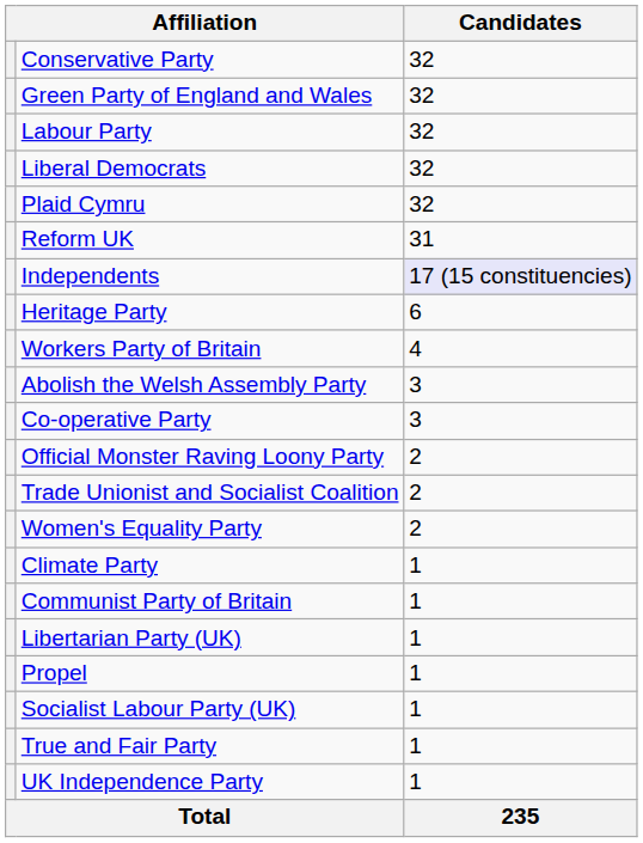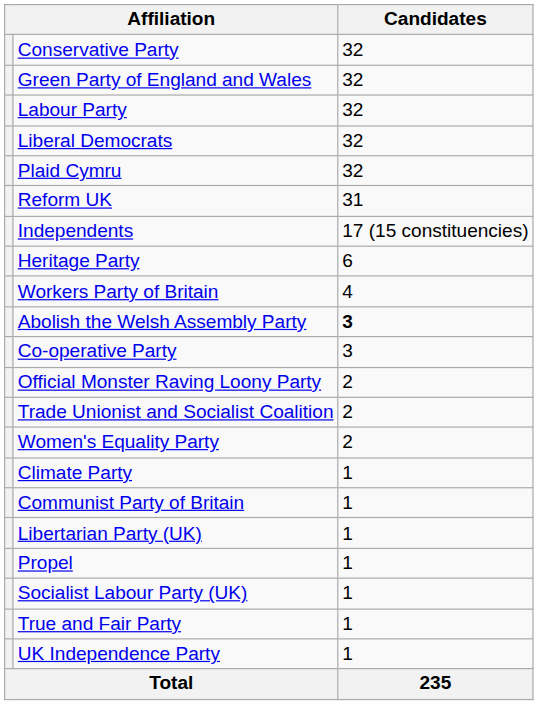 <table class="wikitable sortable">
 <tr>
 <th colspan="2" class="unsortable">Affiliation</th>
 <th>Candidates</th>
 </tr>
 <tr>
 <th class="unsortable" style="background-color: "></th>
 <td><a href='#'>Conservative Party</a></td>
 <td>32</td>
 </tr>
 <tr>
 <th class="unsortable" style="background-color: "></th>
 <td><a href='#'>Green Party of England and Wales</a></td>
 <td>32</td>
 </tr>
 <tr>
 <th class="unsortable" style="background-color: "></th>
 <td><a href='#'>Labour Party</a></td>
 <td>32</td>
 </tr>
 <tr>
 <th class="unsortable" style="background-color: "></th>
 <td><a href='#'>Liberal Democrats</a></td>
 <td>32</td>
 </tr>
 <tr>
 <th class="unsortable" style="background-color: "></th>
 <td><a href='#'>Plaid Cymru</a></td>
 <td>32</td>
 </tr>
 <tr>
 <th class="unsortable" style="background-color: "></th>
 <td><a href='#'>Reform UK</a></td>
 <td>31</td>
 </tr>
 <tr>
 <th class="unsortable" style="background-color: "></th>
 <td><a href='#'>Independents</a></td>
-<td style="background: lavender;">17 (15 constituencies)</td>
+<td>17 (15 constituencies)</td>
 </tr>
 <tr>
 <th class="unsortable" style="background-color: "></th>
 <td><a href='#'>Heritage Party</a></td>
 <td>6</td>
 </tr>
 <tr>
 <th class="unsortable" style="background-color: "></th>
 <td><a href='#'>Workers Party of Britain</a></td>
 <td>4</td>
 </tr>
 <tr>
 <th class="unsortable" style="background-color: "></th>
 <td><a href='#'>Abolish the Welsh Assembly Party</a></td>
-<td>3</td>
+<td><strong>3</strong></td>
 </tr>
 <tr>
 <th class="unsortable" style="background-color: "></th>
 <td><a href='#'>Co-operative Party</a></td>
 <td>3</td>
 </tr>
 <tr>
 <th class="unsortable" style="background-color: "></th>
 <td><a href='#'>Official Monster Raving Loony Party</a></td>
 <td>2</td>
 </tr>
 <tr>
 <th class="unsortable" style="background-color: "></th>
 <td><a href='#'>Trade Unionist and Socialist Coalition</a></td>
 <td>2</td>
 </tr>
 <tr>
 <th class="unsortable" style="background-color: "></th>
 <td><a href='#'>Women's Equality Party</a></td>
 <td>2</td>
 </tr>
 <tr>
 <th class="unsortable" style="background-color: "></th>
 <td><a href='#'>Climate Party</a></td>
 <td>1</td>
 </tr>
 <tr>
 <th class="unsortable" style="background-color: "></th>
 <td><a href='#'>Communist Party of Britain</a></td>
 <td>1</td>
 </tr>
 <tr>
 <th class="unsortable" style="background-color: "></th>
 <td><a href='#'>Libertarian Party (UK)</a></td>
 <td>1</td>
 </tr>
 <tr>
 <th class="unsortable" style="background-color: "></th>
 <td><a href='#'>Propel</a></td>
 <td>1</td>
 </tr>
 <tr>
 <th class="unsortable" style="background-color: "></th>
 <td><a href='#'>Socialist Labour Party (UK)</a></td>
 <td>1</td>
 </tr>
 <tr>
 <th class="unsortable" style="background-color: "></th>
 <td><a href='#'>True and Fair Party</a></td>
 <td>1</td>
 </tr>
 <tr>
 <th class="unsortable" style="background-color: "></th>
 <td><a href='#'>UK Independence Party</a></td>
 <td>1</td>
 </tr>
 <tr>
 <th class="unsortable" colspan="2">Total</th>
 <th>235</th>
 </tr>
 </table>
